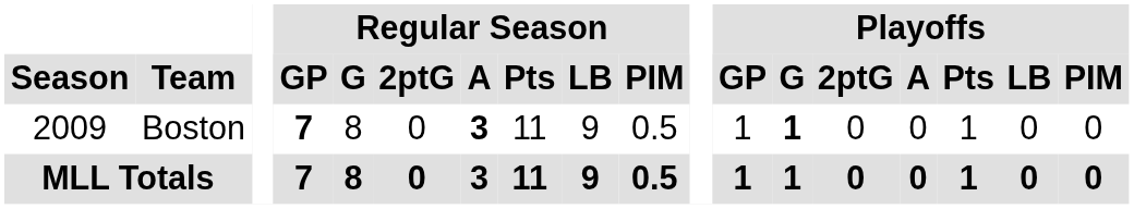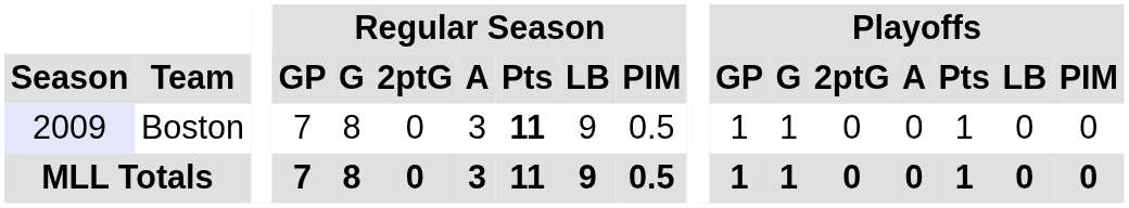 <table BORDER="0" CELLPADDING="3" CELLSPACING="0">
 <tr ALIGN="center" bgcolor="#e0e0e0">
 <th colspan="2" bgcolor="#ffffff"> </th>
 <th rowspan="99" bgcolor="#ffffff"> </th>
 <th colspan="7">Regular Season</th>
 <th rowspan="99" bgcolor="#ffffff"> </th>
 <th colspan="7">Playoffs</th>
 </tr>
 <tr ALIGN="center"  bgcolor="#e0e0e0">
 <th>Season</th>
 <th>Team</th>
 <th>GP</th>
 <th>G</th>
 <th>2ptG</th>
 <th>A</th>
 <th>Pts</th>
 <th>LB</th>
 <th>PIM</th>
 <th>GP</th>
 <th>G</th>
 <th>2ptG</th>
 <th>A</th>
 <th>Pts</th>
 <th>LB</th>
 <th>PIM</th>
 </tr>
 <tr ALIGN="center">
-<td>2009</td>
+<td style="background: lavender;">2009</td>
 <td>Boston</td>
-<td><strong>7</strong></td>
+<td>7</td>
 <td>8</td>
 <td>0</td>
-<td><strong>3</strong></td>
-<td>11</td>
+<td>3</td>
+<td><strong>11</strong></td>
 <td>9</td>
 <td>0.5</td>
 <td>1</td>
-<td><strong>1</strong></td>
+<td>1</td>
 <td>0</td>
 <td>0</td>
 <td>1</td>
 <td>0</td>
 <td>0</td>
 </tr>
 <tr ALIGN="center" bgcolor="#e0e0e0">
 <th colspan="2">MLL Totals</th>
 <th>7</th>
 <th>8</th>
 <th>0</th>
 <th>3</th>
 <th>11</th>
 <th>9</th>
 <th>0.5</th>
 <th>1</th>
 <th>1</th>
 <th>0</th>
 <th>0</th>
 <th>1</th>
 <th>0</th>
 <th>0</th>
 </tr>
 </table>
